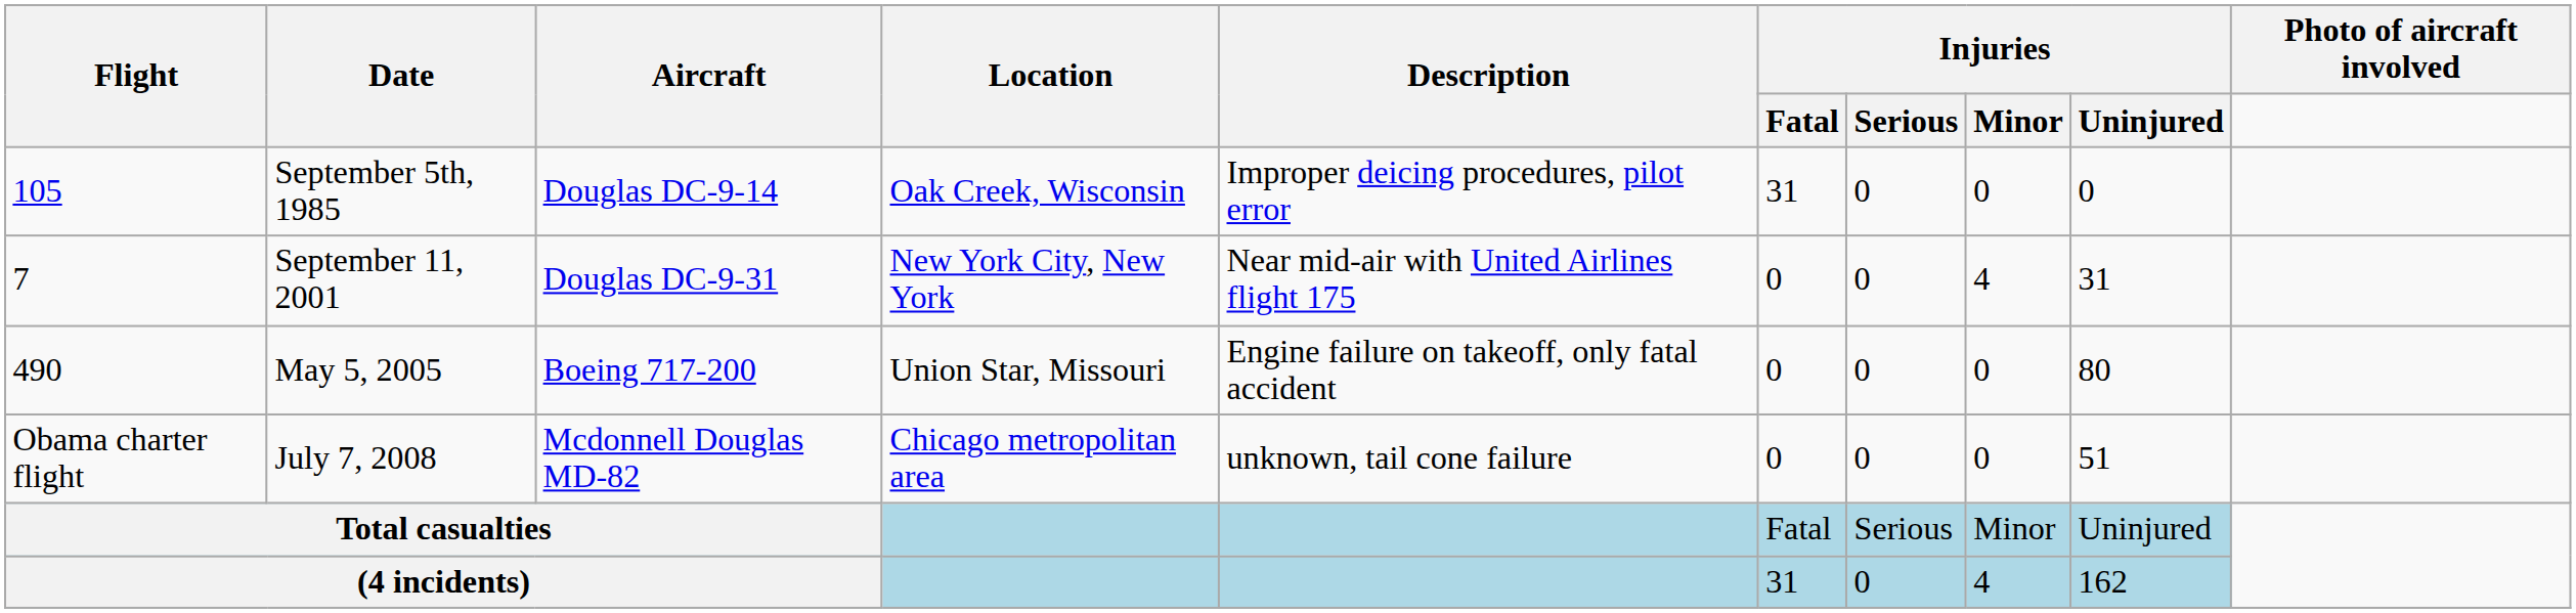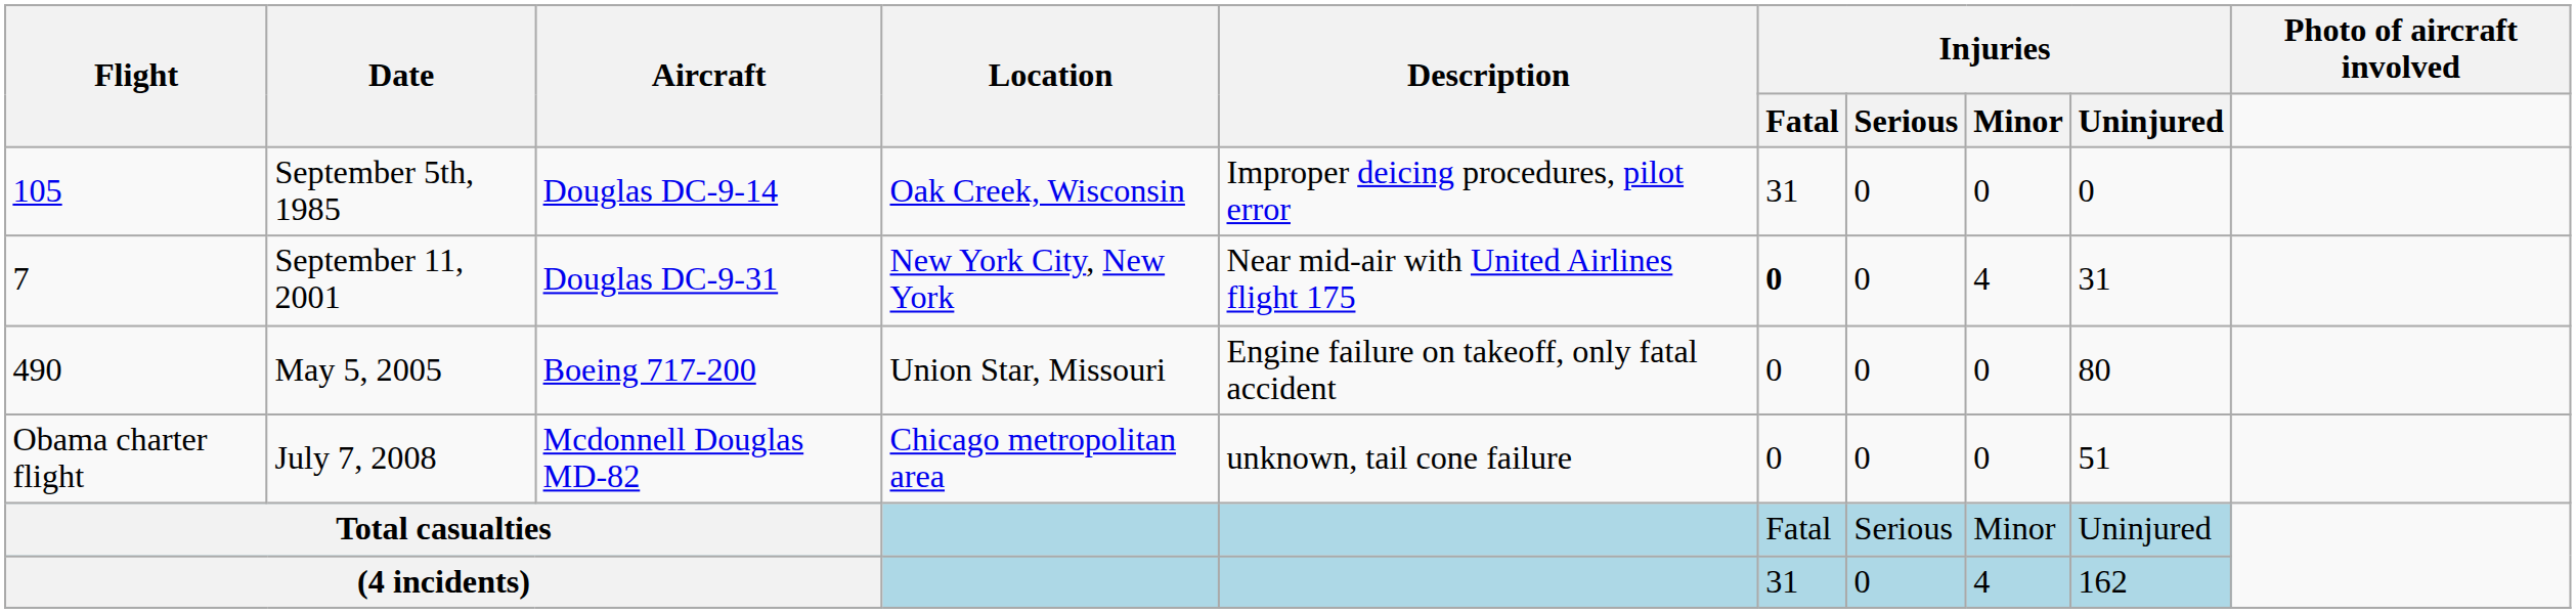 <table class="collapsible wikitable toccolours">
 <tr>
 <th rowspan="2">Flight</th>
 <th rowspan="2">Date</th>
 <th rowspan="2">Aircraft</th>
 <th rowspan="2">Location</th>
 <th rowspan="2">Description</th>
 <th colspan="4">Injuries</th>
 <th colspan-"10">Photo of aircraft involved</th>
 </tr>
 <tr>
 <th>Fatal</th>
 <th>Serious</th>
 <th>Minor</th>
 <th>Uninjured</th>
 </tr>
 <tr>
 <td><a href='#'>105</a></td>
 <td>September 5th, 1985</td>
 <td><a href='#'>Douglas DC-9-14</a></td>
 <td><a href='#'>Oak Creek, Wisconsin</a></td>
 <td>Improper <a href='#'>deicing</a> procedures, <a href='#'>pilot error</a></td>
 <td>31</td>
 <td>0</td>
 <td>0</td>
 <td>0</td>
 <td></td>
 </tr>
 <tr>
 <td>7</td>
 <td>September 11, 2001</td>
 <td><a href='#'>Douglas DC-9-31</a></td>
 <td><a href='#'>New York City</a>, <a href='#'>New York</a></td>
 <td>Near mid-air with <a href='#'>United Airlines flight 175</a></td>
-<td>0</td>
+<td><strong>0</strong></td>
 <td>0</td>
 <td>4</td>
 <td>31</td>
 <td></td>
 </tr>
 <tr>
 <td>490</td>
 <td>May 5, 2005</td>
 <td><a href='#'>Boeing 717-200</a></td>
 <td>Union Star, Missouri</td>
 <td>Engine failure on takeoff, only fatal accident</td>
 <td>0</td>
 <td>0</td>
 <td>0</td>
 <td>80</td>
 <td><br></td>
 </tr>
 <tr>
 <td>Obama charter flight </td>
 <td>July 7, 2008</td>
 <td><a href='#'>Mcdonnell Douglas MD-82</a></td>
 <td><a href='#'>Chicago metropolitan area</a></td>
 <td>unknown, tail cone failure</td>
 <td>0</td>
 <td>0</td>
 <td>0</td>
 <td>51</td>
 <td></td>
 </tr>
 <tr style="background:lightblue;">
 <th colspan="3"><strong>Total casualties</strong></th>
 <td></td>
 <td></td>
 <td>Fatal</td>
 <td>Serious</td>
 <td>Minor</td>
 <td>Uninjured</td>
 </tr>
 <tr style="background:lightblue;">
 <th colspan="3">(4 incidents)</th>
 <td></td>
 <td></td>
 <td>31</td>
 <td>0</td>
 <td>4</td>
 <td>162</td>
 </tr>
 </table>
